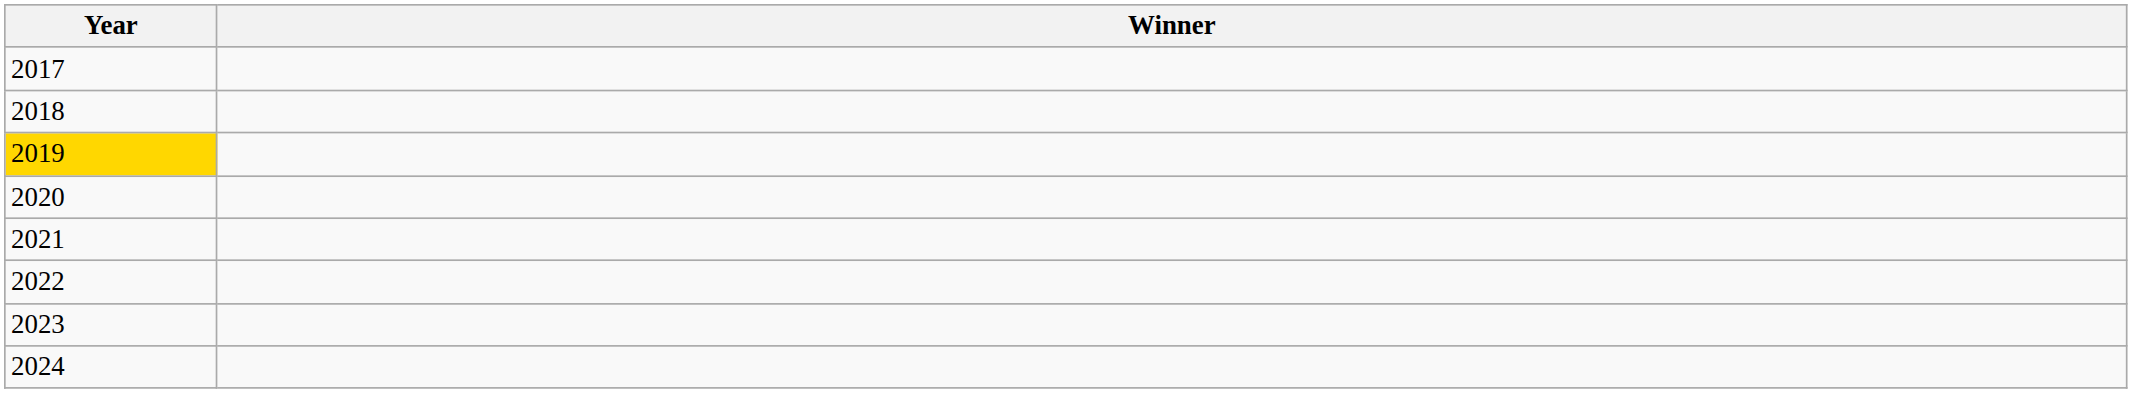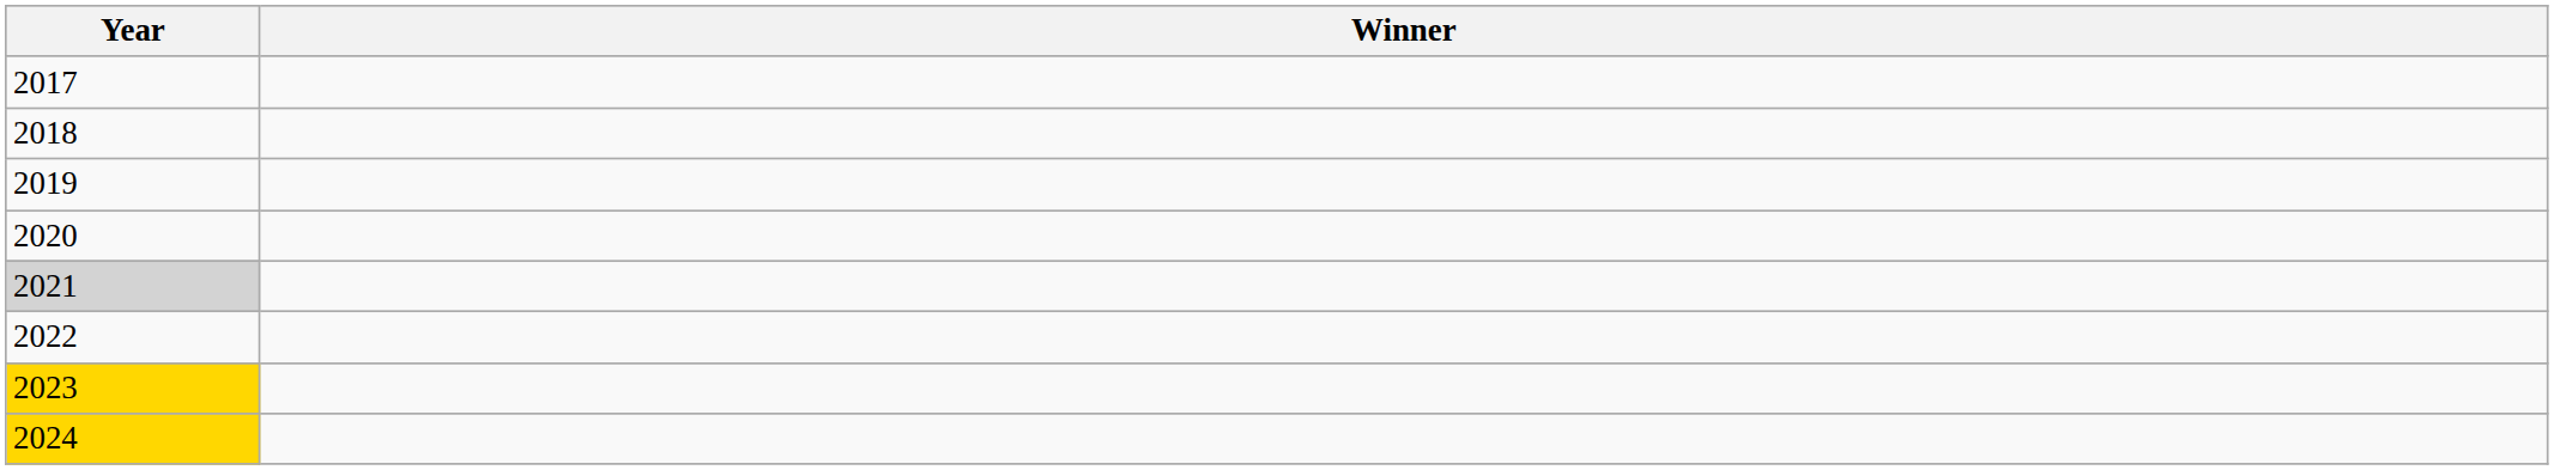 <table class="wikitable sortable" style="width:100%">
 <tr>
 <th scope="col" style="width:10%">Year</th>
 <th>Winner</th>
 </tr>
 <tr>
 <td>2017</td>
 <td></td>
 </tr>
 <tr>
 <td>2018</td>
 <td></td>
 </tr>
 <tr>
-<td style="background: gold;">2019</td>
+<td>2019</td>
 <td></td>
 </tr>
 <tr>
 <td>2020</td>
 <td></td>
 </tr>
 <tr>
-<td>2021</td>
+<td style="background: lightgrey;">2021</td>
 <td></td>
 </tr>
 <tr>
 <td>2022</td>
 <td></td>
 </tr>
 <tr>
-<td>2023</td>
+<td style="background: gold;">2023</td>
 <td></td>
 </tr>
 <tr>
-<td>2024</td>
+<td style="background: gold;">2024</td>
 <td></td>
 </tr>
 </table>
